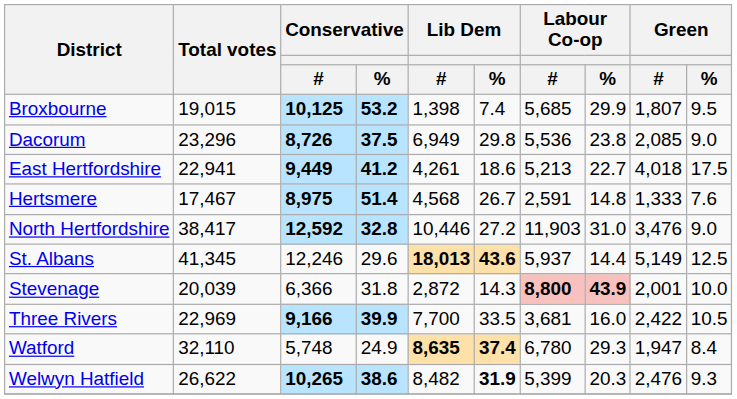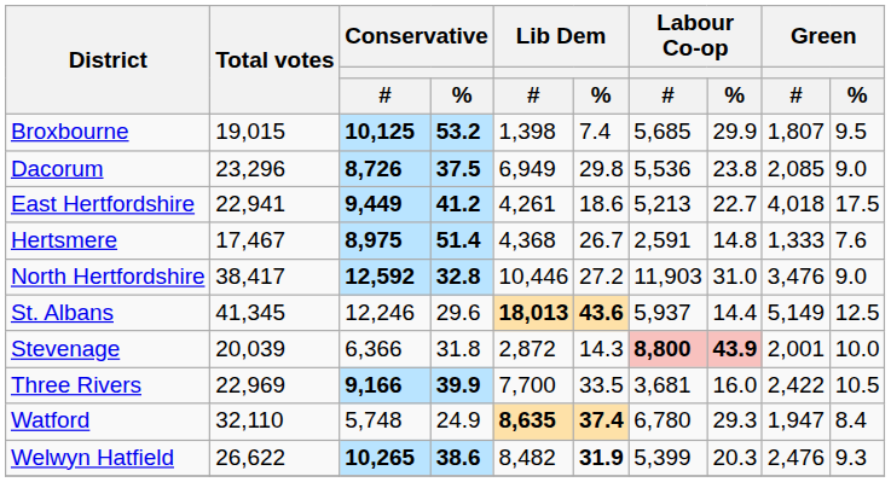 <table class="wikitable sortable">
 <tr>
 <th rowspan=3>District</th>
 <th rowspan=3>Total votes</th>
 <th colspan="2">Conservative</th>
 <th colspan="2">Lib Dem</th>
 <th colspan="2">Labour<br>Co-op</th>
 <th colspan="2">Green</th>
 </tr>
 <tr>
 <th colspan="2" style="background:"></th>
 <th colspan="2" style="background:"></th>
 <th colspan="2" style="background:"></th>
 <th colspan="2" style="background:"></th>
 </tr>
 <tr>
 <th>#</th>
 <th>%</th>
 <th>#</th>
 <th>%</th>
 <th>#</th>
 <th>%</th>
 <th>#</th>
 <th>%</th>
 </tr>
 <tr>
 <td><a href='#'>Broxbourne</a></td>
 <td>19,015</td>
 <td style="background:#B9E4FF;"><strong>10,125</strong></td>
 <td style="background:#B9E4FF;"><strong>53.2</strong></td>
 <td>1,398</td>
 <td>7.4</td>
 <td>5,685</td>
 <td>29.9</td>
 <td>1,807</td>
 <td>9.5</td>
 </tr>
 <tr>
 <td><a href='#'>Dacorum</a></td>
 <td>23,296</td>
 <td style="background:#B9E4FF;"><strong>8,726</strong></td>
 <td style="background:#B9E4FF;"><strong>37.5</strong></td>
 <td>6,949</td>
 <td>29.8</td>
 <td>5,536</td>
 <td>23.8</td>
 <td>2,085</td>
 <td>9.0</td>
 </tr>
 <tr>
 <td><a href='#'>East Hertfordshire</a></td>
 <td>22,941</td>
 <td style="background:#B9E4FF;"><strong>9,449</strong></td>
 <td style="background:#B9E4FF;"><strong>41.2</strong></td>
 <td>4,261</td>
 <td>18.6</td>
 <td>5,213</td>
 <td>22.7</td>
 <td>4,018</td>
 <td>17.5</td>
 </tr>
 <tr>
 <td><a href='#'>Hertsmere</a></td>
 <td>17,467</td>
 <td style="background:#B9E4FF;"><strong>8,975</strong></td>
 <td style="background:#B9E4FF;"><strong>51.4</strong></td>
-<td>4,568</td>
+<td>4,368</td>
 <td>26.7</td>
 <td>2,591</td>
 <td>14.8</td>
 <td>1,333</td>
 <td>7.6</td>
 </tr>
 <tr>
 <td><a href='#'>North Hertfordshire</a></td>
 <td>38,417</td>
 <td style="background:#B9E4FF;"><strong>12,592</strong></td>
 <td style="background:#B9E4FF;"><strong>32.8</strong></td>
 <td>10,446</td>
 <td>27.2</td>
 <td>11,903</td>
 <td>31.0</td>
 <td>3,476</td>
 <td>9.0</td>
 </tr>
 <tr>
 <td><a href='#'>St. Albans</a></td>
 <td>41,345</td>
 <td>12,246</td>
 <td>29.6</td>
 <td style="background:#FEE1A8;"><strong>18,013</strong></td>
 <td style="background:#FEE1A8;"><strong>43.6</strong></td>
 <td>5,937</td>
 <td>14.4</td>
 <td>5,149</td>
 <td>12.5</td>
 </tr>
 <tr>
 <td><a href='#'>Stevenage</a></td>
 <td>20,039</td>
 <td>6,366</td>
 <td>31.8</td>
 <td>2,872</td>
 <td>14.3</td>
 <td style="background:#F8C1BE;"><strong>8,800</strong></td>
 <td style="background:#F8C1BE;"><strong>43.9</strong></td>
 <td>2,001</td>
 <td>10.0</td>
 </tr>
 <tr>
 <td><a href='#'>Three Rivers</a></td>
 <td>22,969</td>
 <td style="background:#B9E4FF;"><strong>9,166</strong></td>
 <td style="background:#B9E4FF;"><strong>39.9</strong></td>
 <td>7,700</td>
 <td>33.5</td>
 <td>3,681</td>
 <td>16.0</td>
 <td>2,422</td>
 <td>10.5</td>
 </tr>
 <tr>
 <td><a href='#'>Watford</a></td>
 <td>32,110</td>
 <td>5,748</td>
 <td>24.9</td>
 <td style="background:#FEE1A8;"><strong>8,635</strong></td>
 <td style="background:#FEE1A8;"><strong>37.4</strong></td>
 <td>6,780</td>
 <td>29.3</td>
 <td>1,947</td>
 <td>8.4</td>
 </tr>
 <tr>
 <td><a href='#'>Welwyn Hatfield</a></td>
 <td>26,622</td>
 <td style="background:#B9E4FF;"><strong>10,265</strong></td>
 <td style="background:#B9E4FF;"><strong>38.6</strong></td>
 <td>8,482</td>
 <td><strong>31.9</strong></td>
 <td>5,399</td>
 <td>20.3</td>
 <td>2,476</td>
 <td>9.3</td>
 </tr>
 <tr>
 </tr>
 </table>
